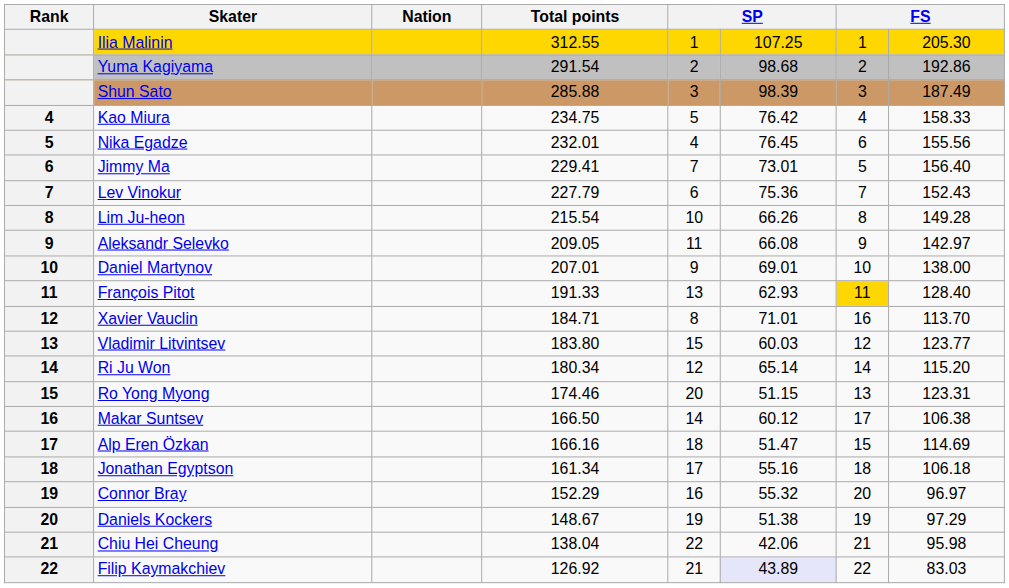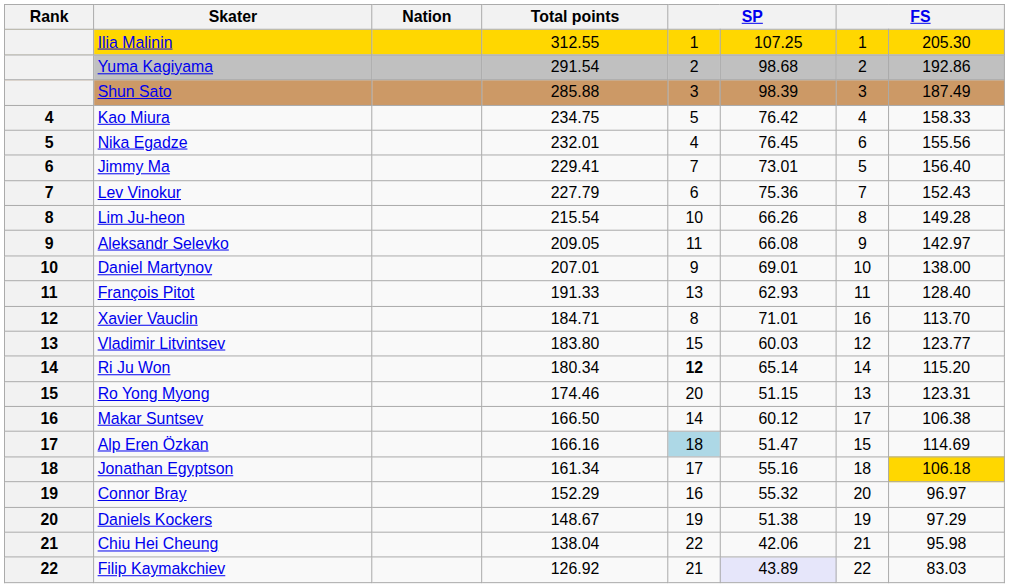 <table class="wikitable sortable" style="text-align:center;" width="80%">
 <tr>
 <th scope="col">Rank</th>
 <th scope="col">Skater</th>
 <th scope="col">Nation</th>
 <th scope="col">Total points</th>
 <th scope="col" colspan="2" width="80px"><a href='#'>SP</a></th>
 <th scope="col" colspan="2" width="80px"><a href='#'>FS</a></th>
 </tr>
 <tr bgcolor="gold">
 <th scope="row"></th>
 <td align="left"><a href='#'>Ilia Malinin</a></td>
 <td align="left"></td>
 <td>312.55</td>
 <td>1</td>
 <td>107.25</td>
 <td>1</td>
 <td>205.30</td>
 </tr>
 <tr bgcolor="silver">
 <th scope="row"></th>
 <td align="left"><a href='#'>Yuma Kagiyama</a></td>
 <td align="left"></td>
 <td>291.54</td>
 <td>2</td>
 <td>98.68</td>
 <td>2</td>
 <td>192.86</td>
 </tr>
 <tr bgcolor="cc9966">
 <th scope="row"></th>
 <td align="left"><a href='#'>Shun Sato</a></td>
 <td align="left"></td>
 <td>285.88</td>
 <td>3</td>
 <td>98.39</td>
 <td>3</td>
 <td>187.49</td>
 </tr>
 <tr>
 <th scope="row">4</th>
 <td align="left"><a href='#'>Kao Miura</a></td>
 <td align="left"></td>
 <td>234.75</td>
 <td>5</td>
 <td>76.42</td>
 <td>4</td>
 <td>158.33</td>
 </tr>
 <tr>
 <th scope="row">5</th>
 <td align="left"><a href='#'>Nika Egadze</a></td>
 <td align="left"></td>
 <td>232.01</td>
 <td>4</td>
 <td>76.45</td>
 <td>6</td>
 <td>155.56</td>
 </tr>
 <tr>
 <th scope="row">6</th>
 <td align="left"><a href='#'>Jimmy Ma</a></td>
 <td align="left"></td>
 <td>229.41</td>
 <td>7</td>
 <td>73.01</td>
 <td>5</td>
 <td>156.40</td>
 </tr>
 <tr>
 <th scope="row">7</th>
 <td align="left"><a href='#'>Lev Vinokur</a></td>
 <td align="left"></td>
 <td>227.79</td>
 <td>6</td>
 <td>75.36</td>
 <td>7</td>
 <td>152.43</td>
 </tr>
 <tr>
 <th scope="row">8</th>
 <td align="left"><a href='#'>Lim Ju-heon</a></td>
 <td align="left"></td>
 <td>215.54</td>
 <td>10</td>
 <td>66.26</td>
 <td>8</td>
 <td>149.28</td>
 </tr>
 <tr>
 <th scope="row">9</th>
 <td align="left"><a href='#'>Aleksandr Selevko</a></td>
 <td align="left"></td>
 <td>209.05</td>
 <td>11</td>
 <td>66.08</td>
 <td>9</td>
 <td>142.97</td>
 </tr>
 <tr>
 <th scope="row">10</th>
 <td align="left"><a href='#'>Daniel Martynov</a></td>
 <td align="left"></td>
 <td>207.01</td>
 <td>9</td>
 <td>69.01</td>
 <td>10</td>
 <td>138.00</td>
 </tr>
 <tr>
 <th scope="row">11</th>
 <td align="left"><a href='#'>François Pitot</a></td>
 <td align="left"></td>
 <td>191.33</td>
 <td>13</td>
 <td>62.93</td>
-<td style="background: gold;">11</td>
+<td>11</td>
 <td>128.40</td>
 </tr>
 <tr>
 <th scope="row">12</th>
 <td align="left"><a href='#'>Xavier Vauclin</a></td>
 <td align="left"></td>
 <td>184.71</td>
 <td>8</td>
 <td>71.01</td>
 <td>16</td>
 <td>113.70</td>
 </tr>
 <tr>
 <th scope="row">13</th>
 <td align="left"><a href='#'>Vladimir Litvintsev</a></td>
 <td align="left"></td>
 <td>183.80</td>
 <td>15</td>
 <td>60.03</td>
 <td>12</td>
 <td>123.77</td>
 </tr>
 <tr>
 <th scope="row">14</th>
 <td align="left"><a href='#'>Ri Ju Won</a></td>
 <td align="left"></td>
 <td>180.34</td>
-<td>12</td>
+<td><strong>12</strong></td>
 <td>65.14</td>
 <td>14</td>
 <td>115.20</td>
 </tr>
 <tr>
 <th scope="row">15</th>
 <td align="left"><a href='#'>Ro Yong Myong</a></td>
 <td align="left"></td>
 <td>174.46</td>
 <td>20</td>
 <td>51.15</td>
 <td>13</td>
 <td>123.31</td>
 </tr>
 <tr>
 <th scope="row">16</th>
 <td align="left"><a href='#'>Makar Suntsev</a></td>
 <td align="left"></td>
 <td>166.50</td>
 <td>14</td>
 <td>60.12</td>
 <td>17</td>
 <td>106.38</td>
 </tr>
 <tr>
 <th scope="row">17</th>
 <td align="left"><a href='#'>Alp Eren Özkan</a></td>
 <td align="left"></td>
 <td>166.16</td>
-<td>18</td>
+<td style="background: lightblue;">18</td>
 <td>51.47</td>
 <td>15</td>
 <td>114.69</td>
 </tr>
 <tr>
 <th scope="row">18</th>
 <td align="left"><a href='#'>Jonathan Egyptson</a></td>
 <td align="left"></td>
 <td>161.34</td>
 <td>17</td>
 <td>55.16</td>
 <td>18</td>
-<td>106.18</td>
+<td style="background: gold;">106.18</td>
 </tr>
 <tr>
 <th scope="row">19</th>
 <td align="left"><a href='#'>Connor Bray</a></td>
 <td align="left"></td>
 <td>152.29</td>
 <td>16</td>
 <td>55.32</td>
 <td>20</td>
 <td>96.97</td>
 </tr>
 <tr>
 <th scope="row">20</th>
 <td align="left"><a href='#'>Daniels Kockers</a></td>
 <td align="left"></td>
 <td>148.67</td>
 <td>19</td>
 <td>51.38</td>
 <td>19</td>
 <td>97.29</td>
 </tr>
 <tr>
 <th scope="row">21</th>
 <td align="left"><a href='#'>Chiu Hei Cheung</a></td>
 <td align="left"></td>
 <td>138.04</td>
 <td>22</td>
 <td>42.06</td>
 <td>21</td>
 <td>95.98</td>
 </tr>
 <tr>
 <th scope="row">22</th>
 <td align="left"><a href='#'>Filip Kaymakchiev</a></td>
 <td align="left"></td>
 <td>126.92</td>
 <td>21</td>
 <td style="background: lavender;">43.89</td>
 <td>22</td>
 <td>83.03</td>
 </tr>
 </table>
